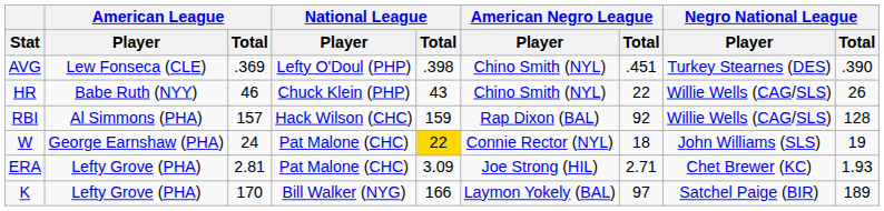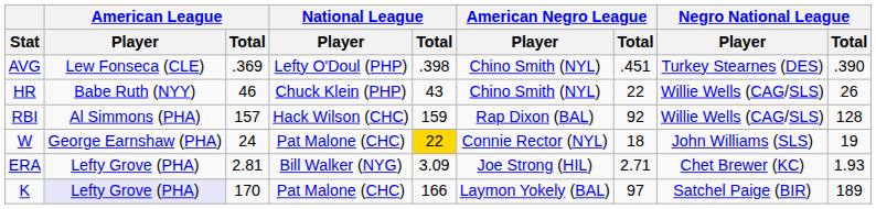 <table class="wikitable" style="text-align:center;">
 <tr>
 <th></th>
 <th colspan=2><a href='#'>American League</a></th>
 <th colspan=2><a href='#'>National League</a></th>
 <th colspan=2><a href='#'>American Negro League</a></th>
 <th colspan=2><a href='#'>Negro National League</a></th>
 </tr>
 <tr>
 <th>Stat</th>
 <th>Player</th>
 <th>Total</th>
 <th>Player</th>
 <th>Total</th>
 <th>Player</th>
 <th>Total</th>
 <th>Player</th>
 <th>Total</th>
 </tr>
 <tr>
 <td><a href='#'>AVG</a></td>
 <td><a href='#'>Lew Fonseca</a> (<a href='#'>CLE</a>)</td>
 <td>.369</td>
 <td><a href='#'>Lefty O'Doul</a> (<a href='#'>PHP</a>)</td>
 <td>.398</td>
 <td><a href='#'>Chino Smith</a> (<a href='#'>NYL</a>)</td>
 <td>.451</td>
 <td><a href='#'>Turkey Stearnes</a> (<a href='#'>DES</a>)</td>
 <td>.390</td>
 </tr>
 <tr>
 <td><a href='#'>HR</a></td>
 <td><a href='#'>Babe Ruth</a> (<a href='#'>NYY</a>)</td>
 <td>46</td>
 <td><a href='#'>Chuck Klein</a> (<a href='#'>PHP</a>)</td>
 <td>43</td>
 <td><a href='#'>Chino Smith</a> (<a href='#'>NYL</a>)</td>
 <td>22</td>
 <td><a href='#'>Willie Wells</a> (<a href='#'>CAG</a>/<a href='#'>SLS</a>)</td>
 <td>26</td>
 </tr>
 <tr>
 <td><a href='#'>RBI</a></td>
 <td><a href='#'>Al Simmons</a> (<a href='#'>PHA</a>)</td>
 <td>157</td>
 <td><a href='#'>Hack Wilson</a> (<a href='#'>CHC</a>)</td>
 <td>159</td>
 <td><a href='#'>Rap Dixon</a> (<a href='#'>BAL</a>)</td>
 <td>92</td>
 <td><a href='#'>Willie Wells</a> (<a href='#'>CAG</a>/<a href='#'>SLS</a>)</td>
 <td>128</td>
 </tr>
 <tr>
 <td><a href='#'>W</a></td>
 <td><a href='#'>George Earnshaw</a> (<a href='#'>PHA</a>)</td>
 <td>24</td>
 <td><a href='#'>Pat Malone</a> (<a href='#'>CHC</a>)</td>
 <td style="background: gold;">22</td>
 <td><a href='#'>Connie Rector</a> (<a href='#'>NYL</a>)</td>
 <td>18</td>
 <td><a href='#'>John Williams</a> (<a href='#'>SLS</a>)</td>
 <td>19</td>
 </tr>
 <tr>
 <td><a href='#'>ERA</a></td>
 <td><a href='#'>Lefty Grove</a> (<a href='#'>PHA</a>)</td>
 <td>2.81</td>
-<td><a href='#'>Pat Malone</a> (<a href='#'>CHC</a>)</td>
+<td><a href='#'>Bill Walker</a> (<a href='#'>NYG</a>)</td>
 <td>3.09</td>
 <td><a href='#'>Joe Strong</a> (<a href='#'>HIL</a>)</td>
 <td>2.71</td>
 <td><a href='#'>Chet Brewer</a> (<a href='#'>KC</a>)</td>
 <td>1.93</td>
 </tr>
 <tr>
 <td><a href='#'>K</a></td>
-<td><a href='#'>Lefty Grove</a> (<a href='#'>PHA</a>)</td>
+<td style="background: lavender;"><a href='#'>Lefty Grove</a> (<a href='#'>PHA</a>)</td>
 <td>170</td>
-<td><a href='#'>Bill Walker</a> (<a href='#'>NYG</a>)</td>
+<td><a href='#'>Pat Malone</a> (<a href='#'>CHC</a>)</td>
 <td>166</td>
 <td><a href='#'>Laymon Yokely</a> (<a href='#'>BAL</a>)</td>
 <td>97</td>
 <td><a href='#'>Satchel Paige</a> (<a href='#'>BIR</a>)</td>
 <td>189</td>
 </tr>
 </table>
